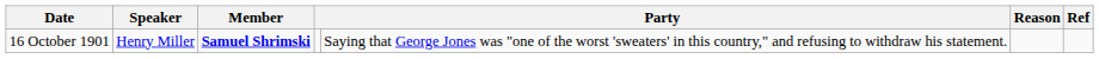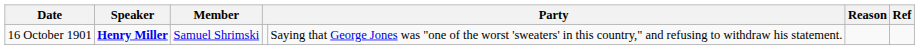 <table class="wikitable" style="margin:1em; float: left;">
 <tr>
 <th>Date</th>
 <th>Speaker</th>
 <th>Member</th>
 <th colspan=2>Party</th>
 <th>Reason</th>
 <th>Ref</th>
 </tr>
 <tr>
 <td>16 October 1901</td>
-<td><a href='#'>Henry Miller</a></td>
-<td><strong><a href='#'>Samuel Shrimski</a></strong></td>
+<td><strong><a href='#'>Henry Miller</a></strong></td>
+<td><a href='#'>Samuel Shrimski</a></td>
 <td></td>
 <td>Saying that <a href='#'>George Jones</a> was "one of the worst 'sweaters' in this country," and refusing to withdraw his statement.</td>
 <td></td>
 </tr>
 </table>
